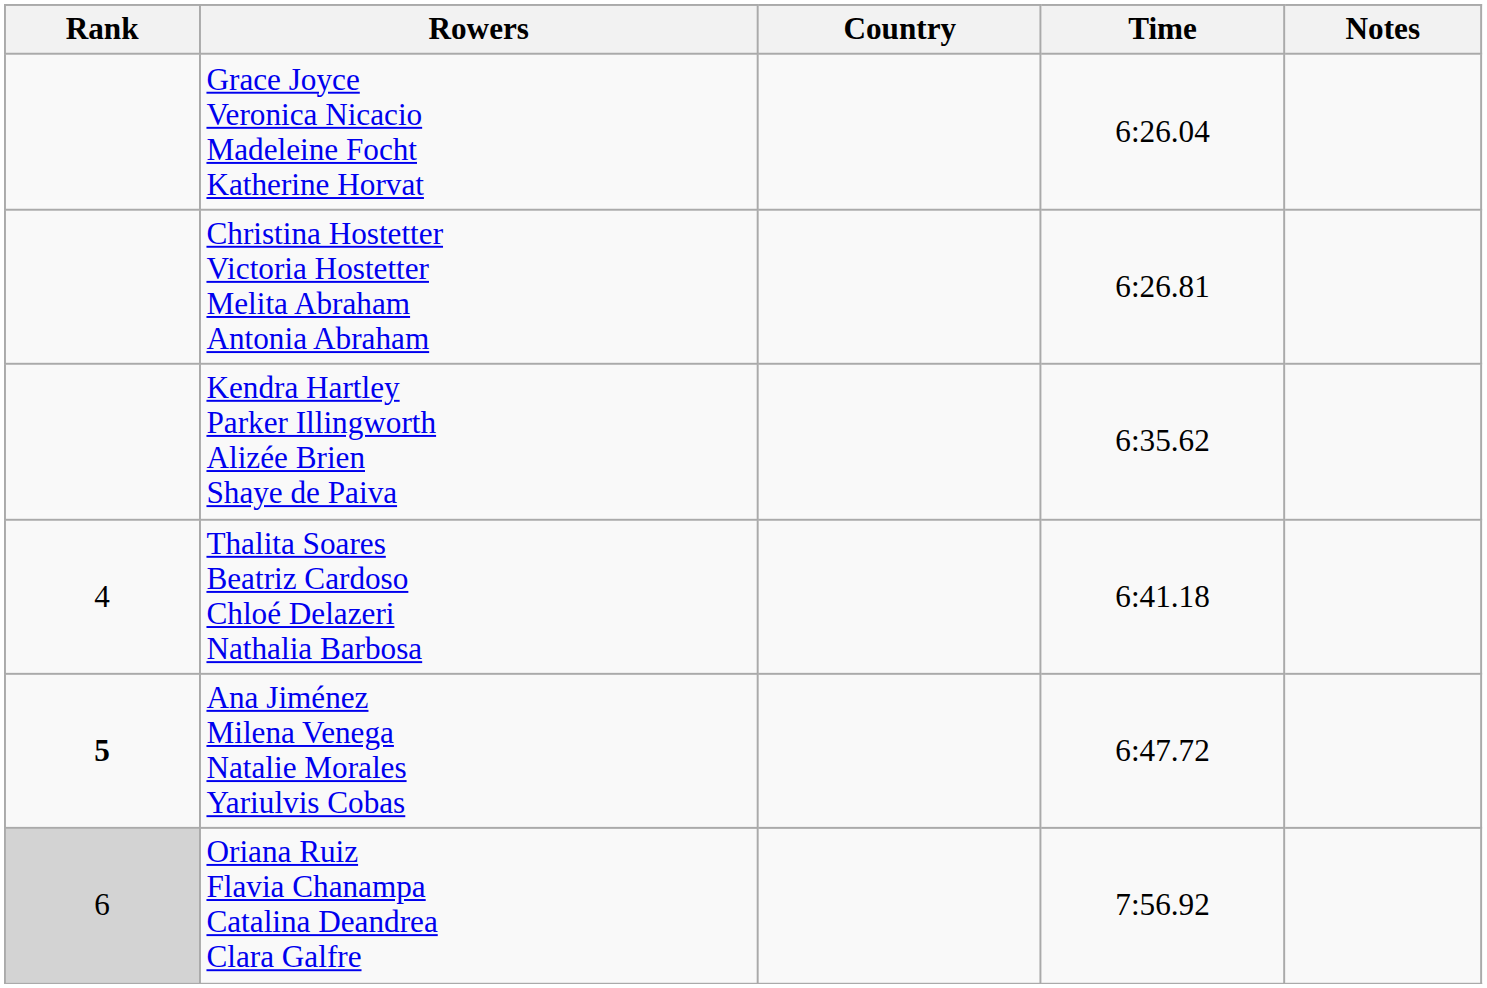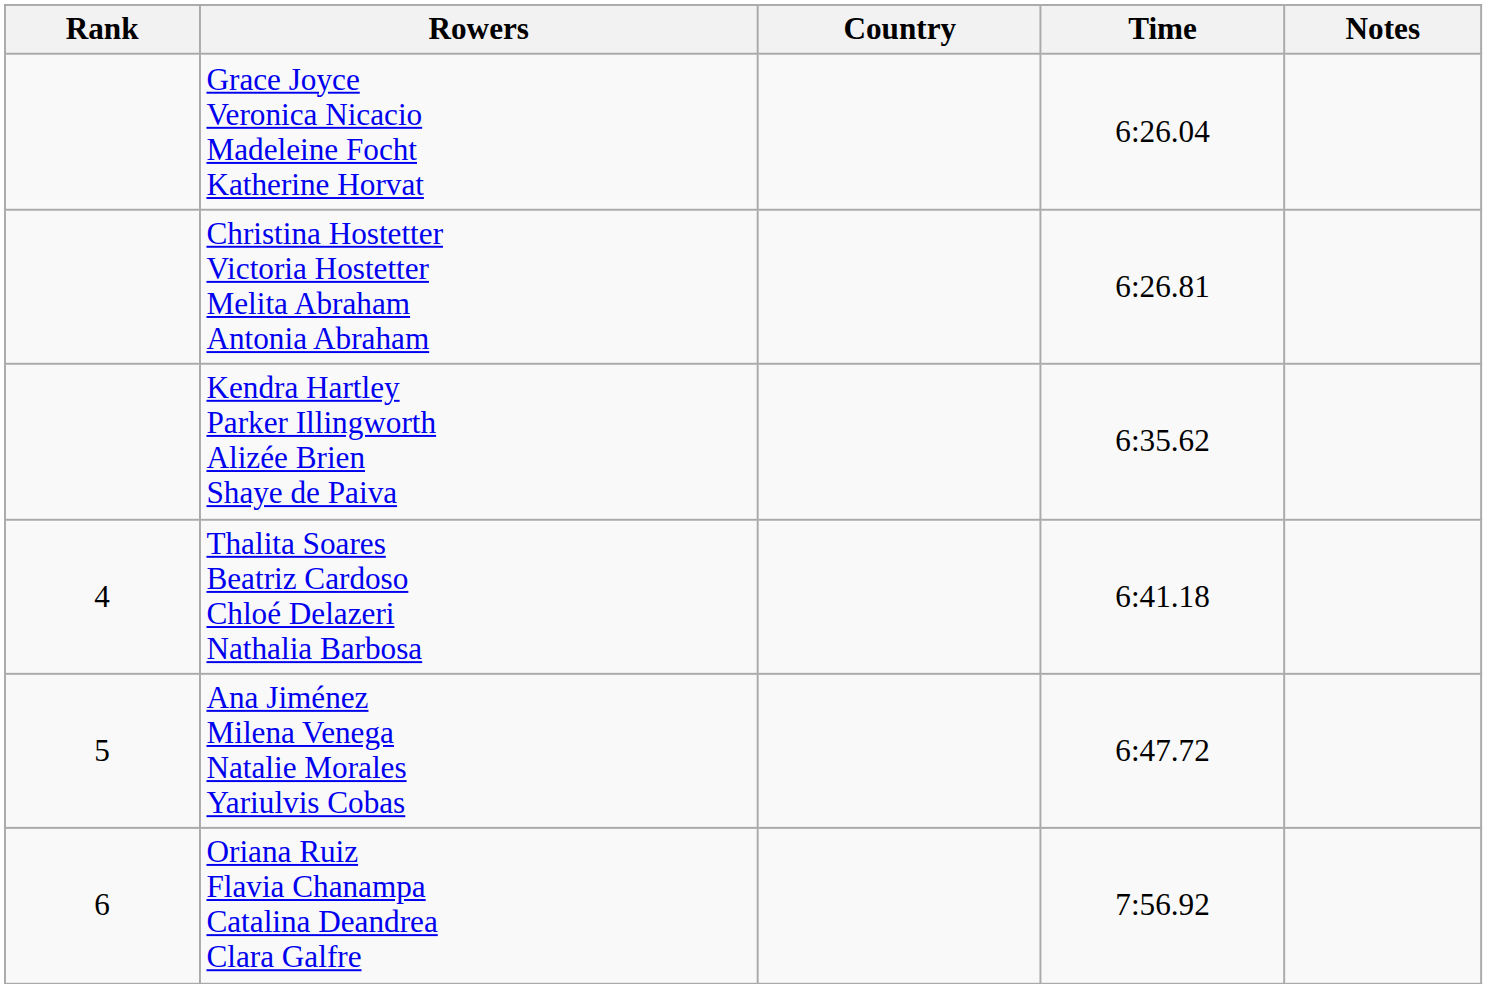 <table class="wikitable" width=60% style="text-align:center">
 <tr>
 <th>Rank</th>
 <th>Rowers</th>
 <th>Country</th>
 <th>Time</th>
 <th>Notes</th>
 </tr>
 <tr>
 <td></td>
 <td align=left><a href='#'>Grace Joyce</a><br><a href='#'>Veronica Nicacio</a><br><a href='#'>Madeleine Focht</a><br><a href='#'>Katherine Horvat</a></td>
 <td align=left></td>
 <td>6:26.04</td>
 <td></td>
 </tr>
 <tr>
 <td></td>
 <td align=left><a href='#'>Christina Hostetter</a><br><a href='#'>Victoria Hostetter</a><br><a href='#'>Melita Abraham</a><br><a href='#'>Antonia Abraham</a></td>
 <td align=left></td>
 <td>6:26.81</td>
 <td></td>
 </tr>
 <tr>
 <td></td>
 <td align=left><a href='#'>Kendra Hartley</a><br><a href='#'>Parker Illingworth</a><br><a href='#'>Alizée Brien</a><br><a href='#'>Shaye de Paiva</a></td>
 <td align=left></td>
 <td>6:35.62</td>
 <td></td>
 </tr>
 <tr>
 <td>4</td>
 <td align=left><a href='#'>Thalita Soares</a><br><a href='#'>Beatriz Cardoso</a><br><a href='#'>Chloé Delazeri</a><br><a href='#'>Nathalia Barbosa</a></td>
 <td align=left></td>
 <td>6:41.18</td>
 <td></td>
 </tr>
 <tr>
-<td><strong>5</strong></td>
+<td>5</td>
 <td align=left><a href='#'>Ana Jiménez</a><br><a href='#'>Milena Venega</a><br><a href='#'>Natalie Morales</a><br><a href='#'>Yariulvis Cobas</a></td>
 <td align=left></td>
 <td>6:47.72</td>
 <td></td>
 </tr>
 <tr>
-<td style="background: lightgrey;">6</td>
+<td>6</td>
 <td align=left><a href='#'>Oriana Ruiz</a><br><a href='#'>Flavia Chanampa</a><br><a href='#'>Catalina Deandrea</a><br><a href='#'>Clara Galfre</a></td>
 <td align=left></td>
 <td>7:56.92</td>
 <td></td>
 </tr>
 <tr>
 </tr>
 </table>
